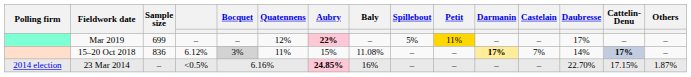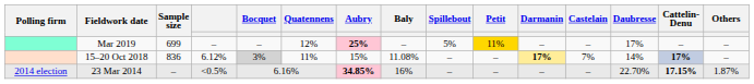 <table class="wikitable sortable" style="text-align:center;font-size:90%;line-height:14px;">
 <tr style="height:40px;">
 <th style="width:100px;" rowspan="2">Polling firm</th>
 <th style="width:110px;" rowspan="2">Fieldwork date</th>
 <th style="width:35px;" rowspan="2">Sample<br>size</th>
 <th class="unsortable" style="width:60px;"></th>
 <th class="unsortable" style="width:60px;"><a href='#'>Bocquet</a><br></th>
 <th class="unsortable" style="width:60px;"><a href='#'>Quatennens</a><br></th>
 <th class="unsortable" style="width:60px;"><a href='#'>Aubry</a><br></th>
 <th class="unsortable" style="width:60px;">Baly<br></th>
 <th class="unsortable" style="width:60px;"><a href='#'>Spillebout</a><br></th>
 <th class="unsortable" style="width:60px;"><a href='#'>Petit</a><br></th>
 <th class="unsortable" style="width:60px;"><a href='#'>Darmanin</a><br></th>
 <th class="unsortable" style="width:60px;"><a href='#'>Castelain</a><br></th>
 <th class="unsortable" style="width:60px;"><a href='#'>Daubresse</a><br></th>
 <th class="unsortable" style="width:60px;">Cattelin-Denu<br></th>
 <th class="unsortable" style="width:60px;">Others</th>
 </tr>
 <tr>
 <th style="background:"></th>
 <th style="background:"></th>
 <th style="background:"></th>
 <th style="background:"></th>
 <th style="background:"></th>
 <th style="background:"></th>
 <th style="background:"></th>
 <th style="background:"></th>
 <th style="background:"></th>
 <th style="background:"></th>
 <th style="background:"></th>
 <th style="background:"></th>
 </tr>
 <tr>
 <td style="background:aquamarine;"></td>
 <td data-sort-value="2019-03">Mar 2019</td>
 <td>699</td>
 <td>–</td>
 <td>–</td>
 <td>12%</td>
-<td style="background:#FFC6D5;"><strong>22%</strong></td>
+<td style="background:#FFC6D5;"><strong>25%</strong></td>
 <td>–</td>
 <td>5%</td>
 <td style="background: gold;">11%</td>
 <td>–</td>
 <td>–</td>
 <td>17%</td>
 <td>–</td>
 <td>–</td>
 </tr>
 <tr>
 <td style="background:#FFDFCC;"></td>
 <td data-sort-value="2018-10-20">15–20 Oct 2018</td>
 <td>836</td>
 <td>6.12%</td>
 <td style="background: lightgrey;">3%</td>
 <td>11%</td>
 <td>15%</td>
 <td>11.08%</td>
 <td>–</td>
 <td>–</td>
 <td style="background:#FFED99;"><strong>17%</strong></td>
 <td>7%</td>
 <td>14%</td>
 <td style="background:#C1CCE1;"><strong>17%</strong></td>
 <td>–</td>
 </tr>
 <tr style="background:#E9E9E9;">
 <td><a href='#'>2014 election</a></td>
 <td data-sort-value="2014-03-23">23 Mar 2014</td>
 <td>–</td>
 <td data-sort-value="0%"><0.5%</td>
 <td colspan="2">6.16%</td>
-<td style="background:#FFC6D5;"><strong>24.85%</strong></td>
+<td style="background:#FFC6D5;"><strong>34.85%</strong></td>
 <td>16%</td>
 <td>–</td>
 <td>–</td>
 <td>–</td>
 <td>–</td>
 <td>22.70%</td>
-<td>17.15%</td>
+<td><strong>17.15%</strong></td>
 <td>1.87%</td>
 </tr>
 </table>
